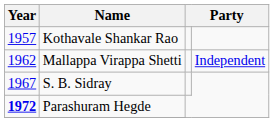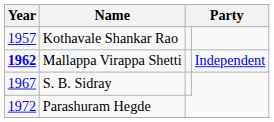 <table class="wikitable">
 <tr>
 <th>Year</th>
 <th>Name</th>
 <th colspan=2>Party</th>
 </tr>
 <tr>
 <td><a href='#'>1957</a></td>
 <td>Kothavale Shankar Rao</td>
 <td></td>
 </tr>
 <tr>
-<td><a href='#'>1962</a></td>
+<td><strong><a href='#'>1962</a></strong></td>
 <td>Mallappa Virappa Shetti</td>
 <td style="background-color: "></td>
 <td><a href='#'>Independent</a></td>
 </tr>
 <tr>
 <td><a href='#'>1967</a></td>
 <td>S. B. Sidray</td>
 <td></td>
 </tr>
 <tr>
-<td><strong><a href='#'>1972</a></strong></td>
+<td><a href='#'>1972</a></td>
 <td>Parashuram Hegde</td>
 </tr>
 <tr>
 </tr>
 </table>
